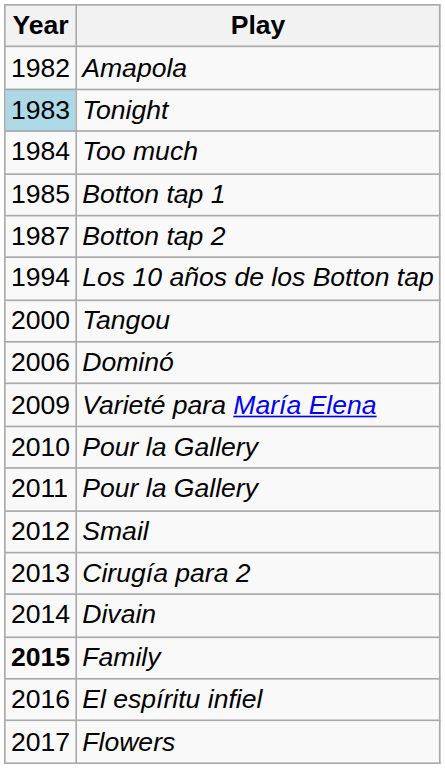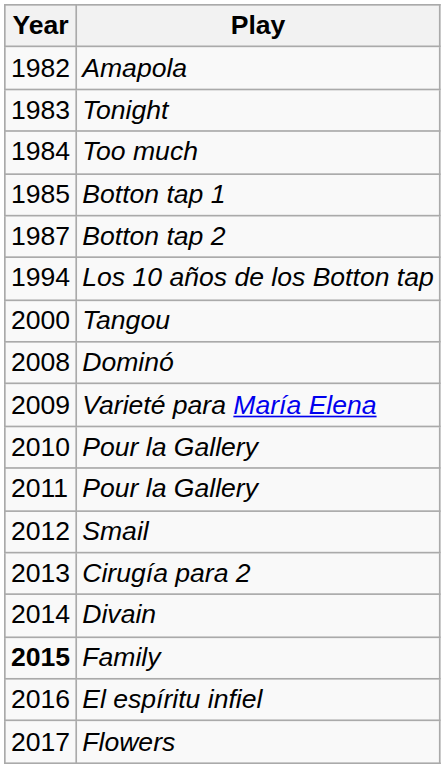 <table class="wikitable">
 <tr>
 <th>Year</th>
 <th>Play</th>
 </tr>
 <tr>
 <td>1982</td>
 <td><em>Amapola</em></td>
 </tr>
 <tr>
-<td style="background: lightblue;">1983</td>
+<td>1983</td>
 <td><em>Tonight</em></td>
 </tr>
 <tr>
 <td>1984</td>
 <td><em>Too much</em></td>
 </tr>
 <tr>
 <td>1985</td>
 <td><em>Botton tap 1</em></td>
 </tr>
 <tr>
 <td>1987</td>
 <td><em>Botton tap 2</em></td>
 </tr>
 <tr>
 <td>1994</td>
 <td><em>Los 10 años de los Botton tap</em></td>
 </tr>
 <tr>
 <td>2000</td>
 <td><em>Tangou</em></td>
 </tr>
 <tr>
-<td>2006</td>
+<td>2008</td>
 <td><em>Dominó</em></td>
 </tr>
 <tr>
 <td>2009</td>
 <td><em>Varieté para <a href='#'>María Elena</a></em></td>
 </tr>
 <tr>
 <td>2010</td>
 <td><em>Pour la Gallery</em></td>
 </tr>
 <tr>
 <td>2011</td>
 <td><em>Pour la Gallery</em></td>
 </tr>
 <tr>
 <td>2012</td>
 <td><em>Smail</em></td>
 </tr>
 <tr>
 <td>2013</td>
 <td><em>Cirugía para 2</em></td>
 </tr>
 <tr>
 <td>2014</td>
 <td><em>Divain</em></td>
 </tr>
 <tr>
 <td><strong>2015</strong></td>
 <td><em>Family</em></td>
 </tr>
 <tr>
 <td>2016</td>
 <td><em>El espíritu infiel</em></td>
 </tr>
 <tr>
 <td>2017</td>
 <td><em>Flowers</em></td>
 </tr>
 <tr>
 </tr>
 </table>
